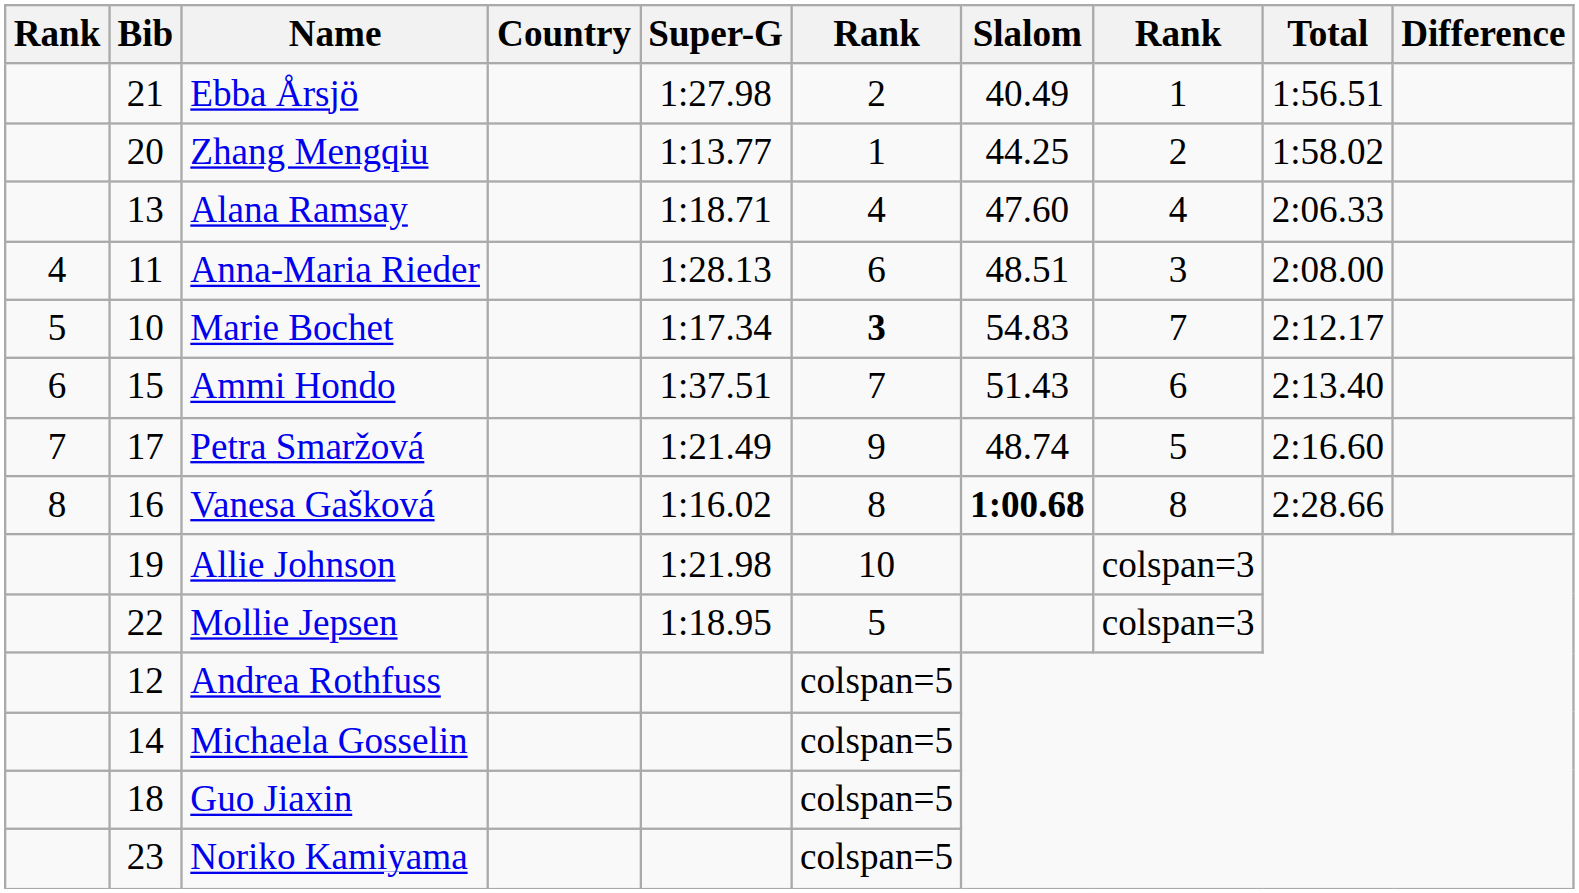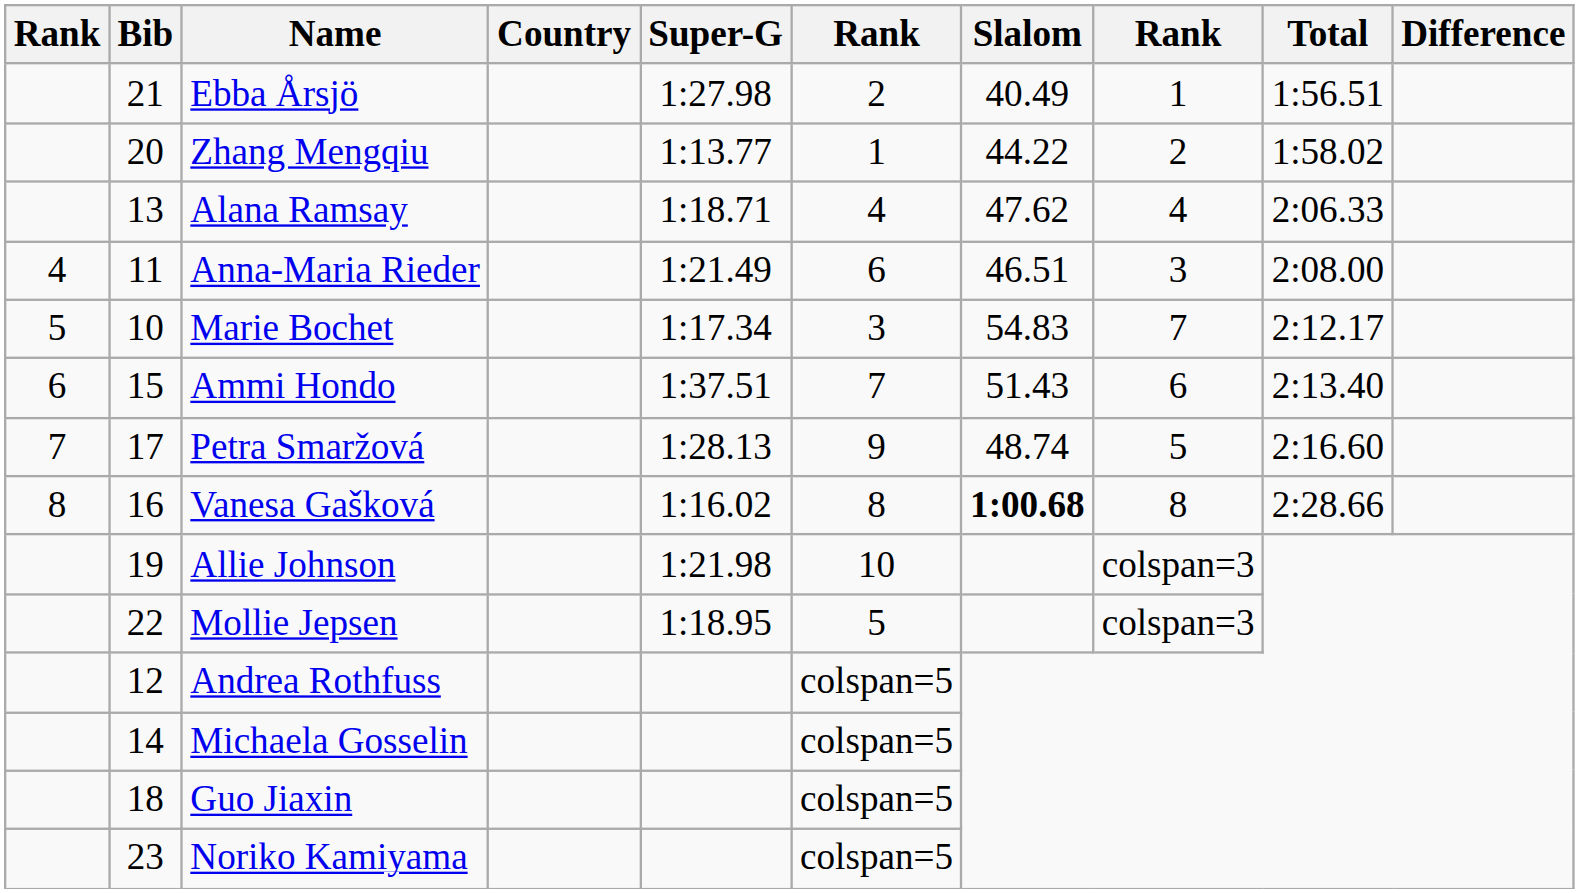 <table class="wikitable sortable" style="text-align:center">
 <tr>
 <th>Rank</th>
 <th>Bib</th>
 <th>Name</th>
 <th>Country</th>
 <th>Super-G</th>
 <th>Rank</th>
 <th>Slalom</th>
 <th>Rank</th>
 <th>Total</th>
 <th>Difference</th>
 </tr>
 <tr>
 <td></td>
 <td>21</td>
 <td align="left"><a href='#'>Ebba Årsjö</a></td>
 <td align="left"></td>
 <td>1:27.98</td>
 <td>2</td>
 <td>40.49</td>
 <td>1</td>
 <td>1:56.51</td>
 <td></td>
 </tr>
 <tr>
 <td></td>
 <td>20</td>
 <td align="left"><a href='#'>Zhang Mengqiu</a></td>
 <td align="left"></td>
 <td>1:13.77</td>
 <td>1</td>
-<td>44.25</td>
+<td>44.22</td>
 <td>2</td>
 <td>1:58.02</td>
 <td></td>
 </tr>
 <tr>
 <td></td>
 <td>13</td>
 <td align="left"><a href='#'>Alana Ramsay</a></td>
 <td align="left"></td>
 <td>1:18.71</td>
 <td>4</td>
-<td>47.60</td>
+<td>47.62</td>
 <td>4</td>
 <td>2:06.33</td>
 <td></td>
 </tr>
 <tr>
 <td>4</td>
 <td>11</td>
 <td align="left"><a href='#'>Anna-Maria Rieder</a></td>
 <td align="left"></td>
-<td>1:28.13</td>
+<td>1:21.49</td>
 <td>6</td>
-<td>48.51</td>
+<td>46.51</td>
 <td>3</td>
 <td>2:08.00</td>
 <td></td>
 </tr>
 <tr>
 <td>5</td>
 <td>10</td>
 <td align="left"><a href='#'>Marie Bochet</a></td>
 <td align="left"></td>
 <td>1:17.34</td>
-<td><strong>3</strong></td>
+<td>3</td>
 <td>54.83</td>
 <td>7</td>
 <td>2:12.17</td>
 <td></td>
 </tr>
 <tr>
 <td>6</td>
 <td>15</td>
 <td align="left"><a href='#'>Ammi Hondo</a></td>
 <td align="left"></td>
 <td>1:37.51</td>
 <td>7</td>
 <td>51.43</td>
 <td>6</td>
 <td>2:13.40</td>
 <td></td>
 </tr>
 <tr>
 <td>7</td>
 <td>17</td>
 <td align="left"><a href='#'>Petra Smaržová</a></td>
 <td align="left"></td>
-<td>1:21.49</td>
+<td>1:28.13</td>
 <td>9</td>
 <td>48.74</td>
 <td>5</td>
 <td>2:16.60</td>
 <td></td>
 </tr>
 <tr>
 <td>8</td>
 <td>16</td>
 <td align="left"><a href='#'>Vanesa Gašková</a></td>
 <td align="left"></td>
 <td>1:16.02</td>
 <td>8</td>
 <td><strong>1:00.68</strong></td>
 <td>8</td>
 <td>2:28.66</td>
 <td></td>
 </tr>
 <tr>
 <td></td>
 <td>19</td>
 <td align="left"><a href='#'>Allie Johnson</a></td>
 <td align="left"></td>
 <td>1:21.98</td>
 <td>10</td>
 <td></td>
 <td>colspan=3 </td>
 </tr>
 <tr>
 <td></td>
 <td>22</td>
 <td align="left"><a href='#'>Mollie Jepsen</a></td>
 <td align="left"></td>
 <td>1:18.95</td>
 <td>5</td>
 <td></td>
 <td>colspan=3 </td>
 </tr>
 <tr>
 <td></td>
 <td>12</td>
 <td align="left"><a href='#'>Andrea Rothfuss</a></td>
 <td align="left"></td>
 <td></td>
 <td>colspan=5 </td>
 </tr>
 <tr>
 <td></td>
 <td>14</td>
 <td align="left"><a href='#'>Michaela Gosselin</a></td>
 <td align="left"></td>
 <td></td>
 <td>colspan=5 </td>
 </tr>
 <tr>
 <td></td>
 <td>18</td>
 <td align="left"><a href='#'>Guo Jiaxin</a></td>
 <td align="left"></td>
 <td></td>
 <td>colspan=5 </td>
 </tr>
 <tr>
 <td></td>
 <td>23</td>
 <td align="left"><a href='#'>Noriko Kamiyama</a></td>
 <td align="left"></td>
 <td></td>
 <td>colspan=5 </td>
 </tr>
 </table>
